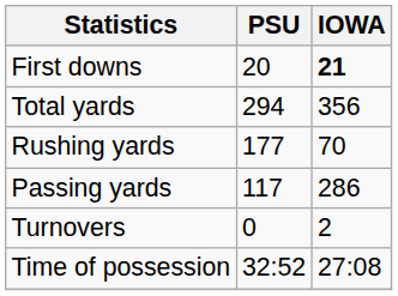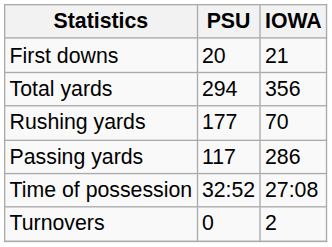 <table class="wikitable">
 <tr>
 <th>Statistics</th>
 <th>PSU</th>
 <th>IOWA</th>
 </tr>
 <tr>
 <td>First downs</td>
 <td>20</td>
-<td><strong>21</strong></td>
+<td>21</td>
 </tr>
 <tr>
 <td>Total yards</td>
 <td>294</td>
 <td>356</td>
 </tr>
 <tr>
 <td>Rushing yards</td>
 <td>177</td>
 <td>70</td>
 </tr>
 <tr>
 <td>Passing yards</td>
 <td>117</td>
 <td>286</td>
 </tr>
 <tr>
+<td>Time of possession</td>
+<td>32:52</td>
+<td>27:08</td>
+</tr>
+<tr>
 <td>Turnovers</td>
 <td>0</td>
 <td>2</td>
 </tr>
 <tr>
-<td>Time of possession</td>
-<td>32:52</td>
-<td>27:08</td>
-</tr>
-<tr>
 </tr>
 </table>
